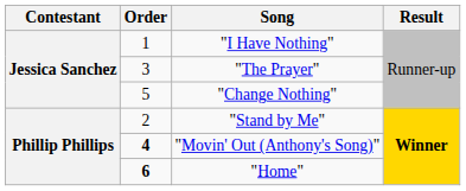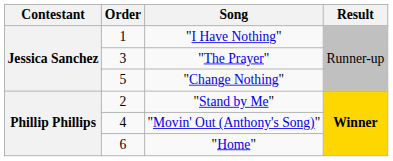 <table class="wikitable unsortable" style="text-align:center;">
 <tr>
 <th scope="col">Contestant</th>
 <th scope="col">Order</th>
 <th scope="col">Song</th>
 <th scope="col">Result</th>
 </tr>
 <tr>
 <th scope="row" rowspan="3">Jessica Sanchez</th>
 <td>1</td>
 <td>"<a href='#'>I Have Nothing</a>"</td>
 <td rowspan="3" bgcolor="silver">Runner-up</td>
 </tr>
 <tr>
 <td>3</td>
 <td>"<a href='#'>The Prayer</a>"</td>
 </tr>
 <tr>
 <td>5</td>
 <td>"<a href='#'>Change Nothing</a>"</td>
 </tr>
 <tr>
 <th scope="row" rowspan="3">Phillip Phillips</th>
 <td>2</td>
 <td>"<a href='#'>Stand by Me</a>"</td>
 <td rowspan="3" bgcolor="gold"><strong>Winner</strong></td>
 </tr>
 <tr>
-<td><strong>4</strong></td>
+<td>4</td>
 <td>"<a href='#'>Movin' Out (Anthony's Song)</a>"</td>
 </tr>
 <tr>
-<td><strong>6</strong></td>
+<td>6</td>
 <td>"<a href='#'>Home</a>"</td>
 </tr>
 </table>
